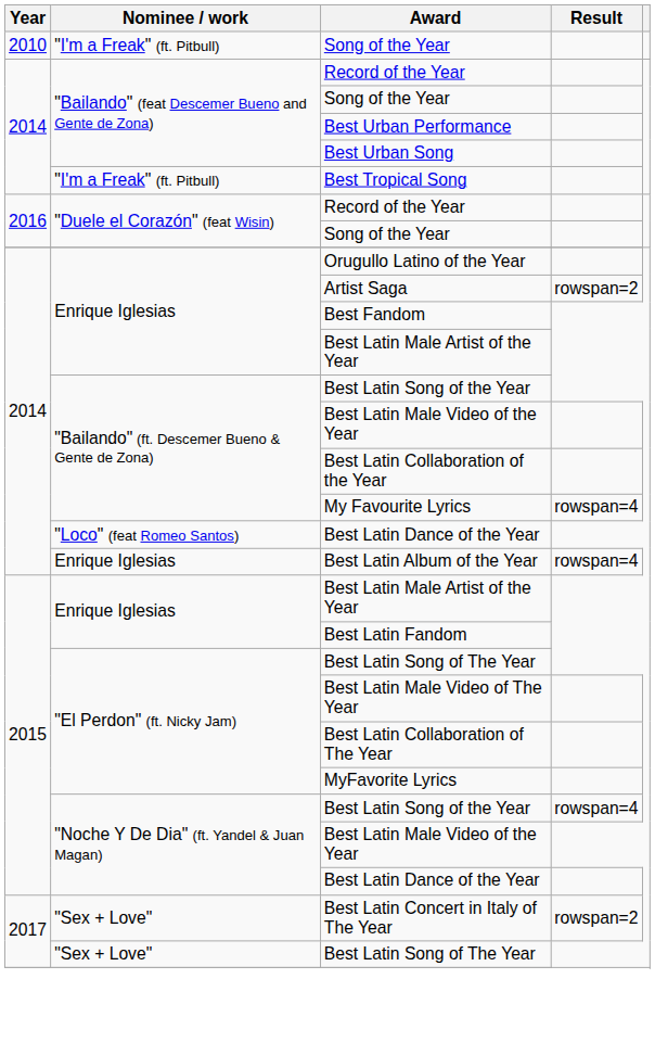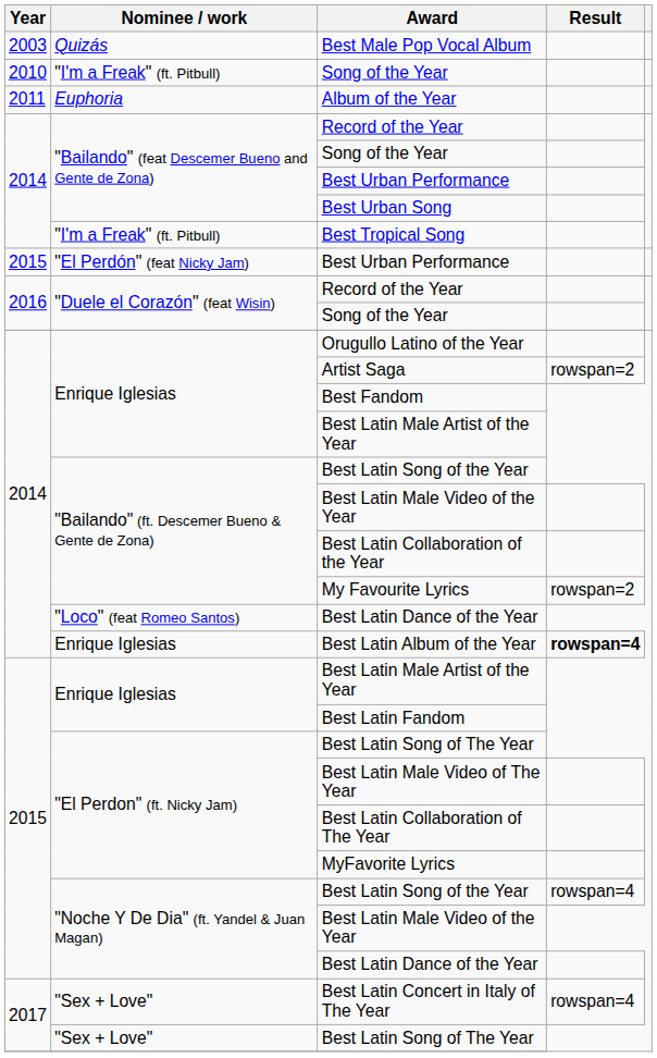 <table class="wikitable">
 <tr>
 <th>Year</th>
 <th>Nominee / work</th>
 <th>Award</th>
 <th>Result</th>
 <th></th>
 </tr>
 <tr>
+<td><a href='#'>2003</a></td>
+<td><em><a href='#'>Quizás</a></em></td>
+<td><a href='#'>Best Male Pop Vocal Album</a></td>
+<td></td>
+<td></td>
+</tr>
+<tr>
 <td><a href='#'>2010</a></td>
 <td>"<a href='#'>I'm a Freak</a>" <small>(ft. Pitbull)</small></td>
 <td><a href='#'>Song of the Year</a></td>
+<td></td>
+<td></td>
+</tr>
+<tr>
+<td><a href='#'>2011</a></td>
+<td><em><a href='#'>Euphoria</a></em></td>
+<td><a href='#'>Album of the Year</a></td>
 <td></td>
 <td></td>
 </tr>
 <tr>
 <td rowspan="5"><a href='#'>2014</a></td>
 <td rowspan="4">"<a href='#'>Bailando</a>" <small>(feat <a href='#'>Descemer Bueno</a> and <a href='#'>Gente de Zona</a>)</small></td>
 <td><a href='#'>Record of the Year</a></td>
 <td></td>
 <td rowspan="5"></td>
 </tr>
 <tr>
 <td>Song of the Year</td>
 <td></td>
 </tr>
 <tr>
 <td><a href='#'>Best Urban Performance</a></td>
 <td></td>
 </tr>
 <tr>
 <td><a href='#'>Best Urban Song</a></td>
 <td></td>
 </tr>
 <tr>
 <td>"<a href='#'>I'm a Freak</a>" <small>(ft. Pitbull)</small></td>
 <td><a href='#'>Best Tropical Song</a></td>
+<td></td>
+</tr>
+<tr>
+<td><a href='#'>2015</a></td>
+<td>"<a href='#'>El Perdón</a>" <small>(feat <a href='#'>Nicky Jam</a>)</small></td>
+<td>Best Urban Performance</td>
+<td></td>
 <td></td>
 </tr>
 <tr>
 <td rowspan="2"><a href='#'>2016</a></td>
 <td rowspan="2">"<a href='#'>Duele el Corazón</a>" <small>(feat <a href='#'>Wisin</a>)</small></td>
 <td>Record of the Year</td>
 <td></td>
 <td rowspan="2"></td>
 </tr>
 <tr>
 <td>Song of the Year</td>
 <td></td>
 </tr>
 <tr>
 </tr>
 <tr>
 <td rowspan=10>2014</td>
 <td rowspan=4>Enrique Iglesias</td>
 <td>Orugullo Latino of the Year</td>
 <td></td>
 </tr>
 <tr>
 <td>Artist Saga</td>
 <td>rowspan=2 </td>
 </tr>
 <tr>
 <td>Best Fandom</td>
 </tr>
 <tr>
 <td>Best Latin Male Artist of the Year</td>
 </tr>
 <tr>
 <td rowspan=4>"Bailando"<small> (ft. Descemer Bueno & Gente de Zona)</small></td>
 <td>Best Latin Song of the Year</td>
 </tr>
 <tr>
 <td>Best Latin Male Video of the Year</td>
 <td></td>
 </tr>
 <tr>
 <td>Best Latin Collaboration of the Year</td>
 <td></td>
 </tr>
 <tr>
 <td>My Favourite Lyrics</td>
-<td>rowspan=4 </td>
+<td>rowspan=2 </td>
 </tr>
 <tr>
 <td>"<a href='#'>Loco</a>" <small>(feat <a href='#'>Romeo Santos</a>)</small></td>
 <td>Best Latin Dance of the Year</td>
 </tr>
 <tr>
 <td>Enrique Iglesias</td>
 <td>Best Latin Album of the Year</td>
-<td>rowspan=4 </td>
+<td><strong>rowspan=4 </strong></td>
 </tr>
 <tr>
 <td rowspan=9>2015</td>
 <td rowspan=2>Enrique Iglesias</td>
 <td>Best Latin Male Artist  of the Year</td>
 </tr>
 <tr>
 <td>Best Latin Fandom</td>
 </tr>
 <tr>
 <td rowspan=4>"El Perdon" <small>(ft. Nicky Jam)</small></td>
 <td>Best Latin Song of The Year</td>
 </tr>
 <tr>
 <td>Best Latin Male Video of The Year</td>
 <td></td>
 </tr>
 <tr>
 <td>Best Latin Collaboration of The Year</td>
 <td></td>
 </tr>
 <tr>
 <td>MyFavorite Lyrics</td>
 <td></td>
 </tr>
 <tr>
 <td rowspan=3>"Noche Y De Dia" <small>(ft. Yandel & Juan Magan)</small></td>
 <td>Best Latin Song of the Year</td>
 <td>rowspan=4 </td>
 </tr>
 <tr>
 <td>Best Latin Male Video of the Year</td>
 </tr>
 <tr>
 <td>Best Latin Dance of the Year</td>
 <td></td>
 </tr>
 <tr>
 <td rowspan=2>2017</td>
 <td>"Sex + Love"</td>
 <td>Best Latin Concert in Italy of The Year</td>
-<td>rowspan=2 </td>
+<td>rowspan=4 </td>
 </tr>
 <tr>
 <td>"Sex + Love"</td>
 <td>Best Latin Song of The Year</td>
 </tr>
 <tr>
 </tr>
 </table>
